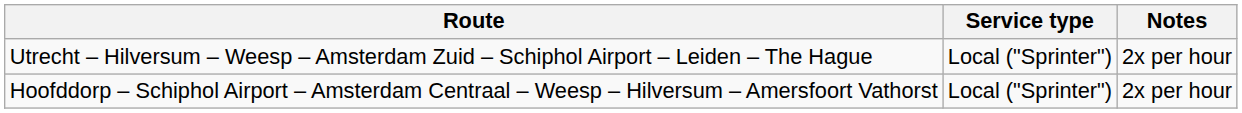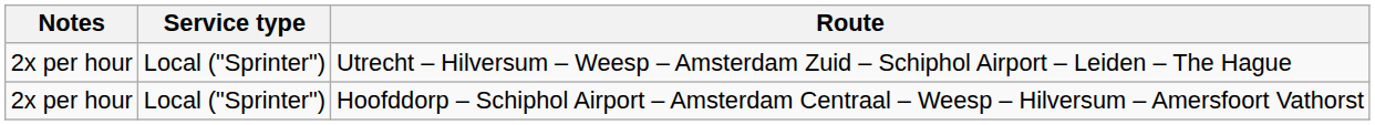 <table class="wikitable">
 <tr>
+<th>Notes</th>
+<th>Service type</th>
 <th>Route</th>
-<th>Service type</th>
-<th>Notes</th>
 </tr>
 <tr>
+<td>2x per hour</td>
+<td>Local ("Sprinter")</td>
 <td>Utrecht – Hilversum – Weesp – Amsterdam Zuid – Schiphol Airport – Leiden – The Hague</td>
-<td>Local ("Sprinter")</td>
-<td>2x per hour</td>
 </tr>
 <tr>
+<td>2x per hour</td>
+<td>Local ("Sprinter")</td>
 <td>Hoofddorp – Schiphol Airport – Amsterdam Centraal – Weesp – Hilversum – Amersfoort Vathorst</td>
-<td>Local ("Sprinter")</td>
-<td>2x per hour</td>
 </tr>
 </table>
